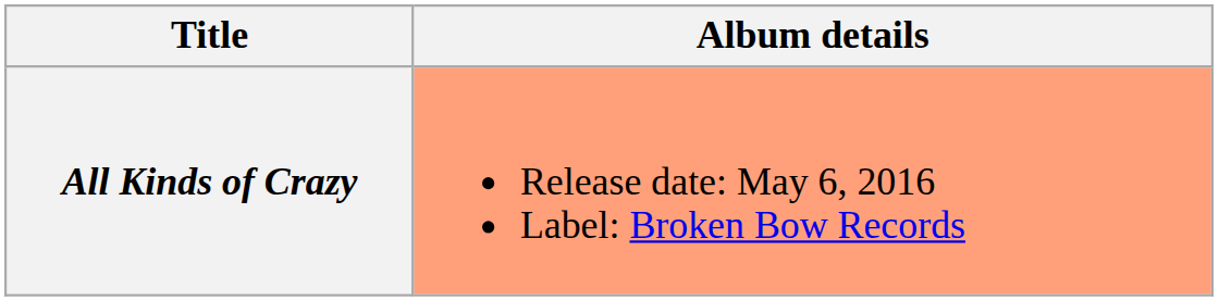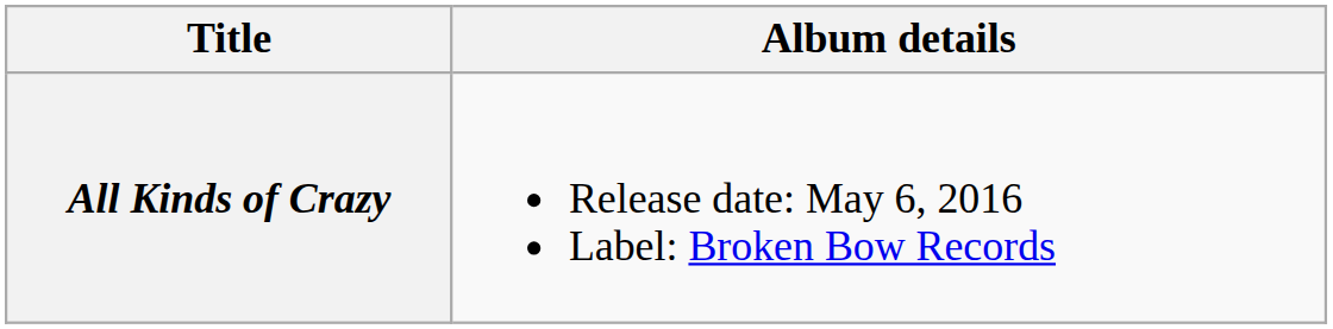 <table class="wikitable plainrowheaders">
 <tr>
 <th style="width:10em;">Title</th>
 <th style="width:20em;">Album details</th>
 </tr>
 <tr>
 <th scope="row"><em>All Kinds of Crazy</em></th>
-<td style="background: lightsalmon;"><br><ul><li>Release date: May 6, 2016</li><li>Label: <a href='#'>Broken Bow Records</a></li></ul></td>
+<td><br><ul><li>Release date: May 6, 2016</li><li>Label: <a href='#'>Broken Bow Records</a></li></ul></td>
 </tr>
 </table>
